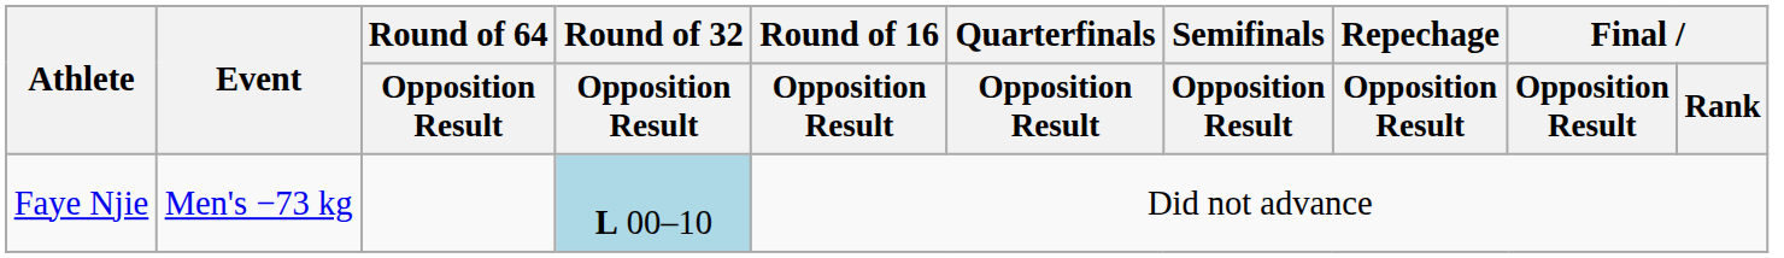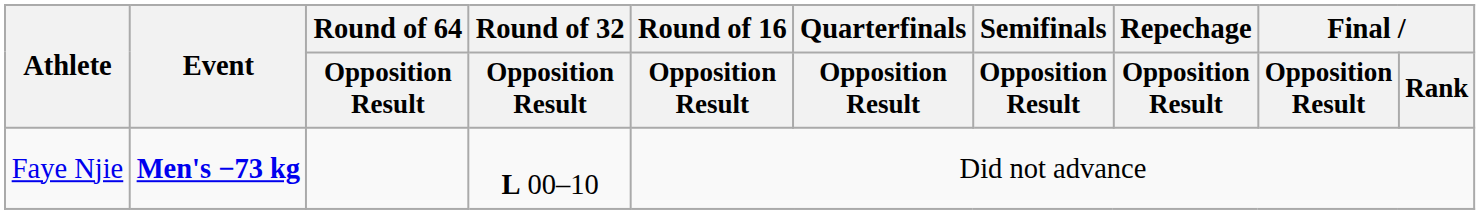 <table class="wikitable" style="font-size:90%">
 <tr>
 <th rowspan="2">Athlete</th>
 <th rowspan="2">Event</th>
 <th>Round of 64</th>
 <th>Round of 32</th>
 <th>Round of 16</th>
 <th>Quarterfinals</th>
 <th>Semifinals</th>
 <th>Repechage</th>
 <th colspan=2>Final / </th>
 </tr>
 <tr style="font-size:95%">
 <th>Opposition<br>Result</th>
 <th>Opposition<br>Result</th>
 <th>Opposition<br>Result</th>
 <th>Opposition<br>Result</th>
 <th>Opposition<br>Result</th>
 <th>Opposition<br>Result</th>
 <th>Opposition<br>Result</th>
 <th>Rank</th>
 </tr>
 <tr align=center>
 <td align=left><a href='#'>Faye Njie</a></td>
-<td align=left><a href='#'>Men's −73 kg</a></td>
+<td align=left><strong><a href='#'>Men's −73 kg</a></strong></td>
 <td></td>
-<td style="background: lightblue;"><br><strong>L</strong> 00–10</td>
+<td><br><strong>L</strong> 00–10</td>
 <td colspan=6>Did not advance</td>
 </tr>
 </table>
